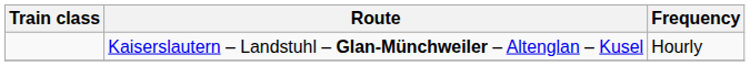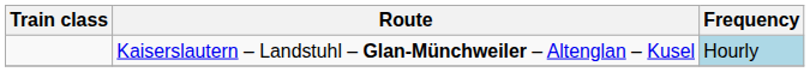 <table class="wikitable">
 <tr>
 <th>Train class</th>
 <th>Route</th>
 <th>Frequency</th>
 </tr>
 <tr>
 <td></td>
 <td><a href='#'>Kaiserslautern</a> – Landstuhl – <strong>Glan-Münchweiler</strong> – <a href='#'>Altenglan</a> – <a href='#'>Kusel</a></td>
-<td>Hourly</td>
+<td style="background: lightblue;">Hourly</td>
 </tr>
 <tr>
 </tr>
 </table>
